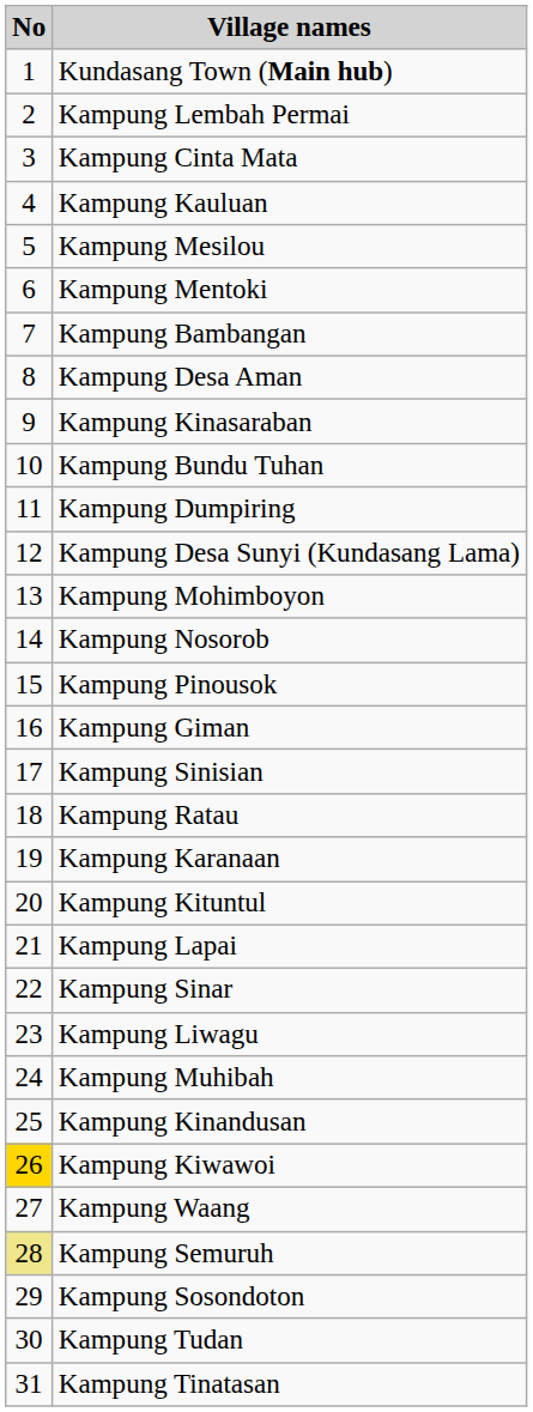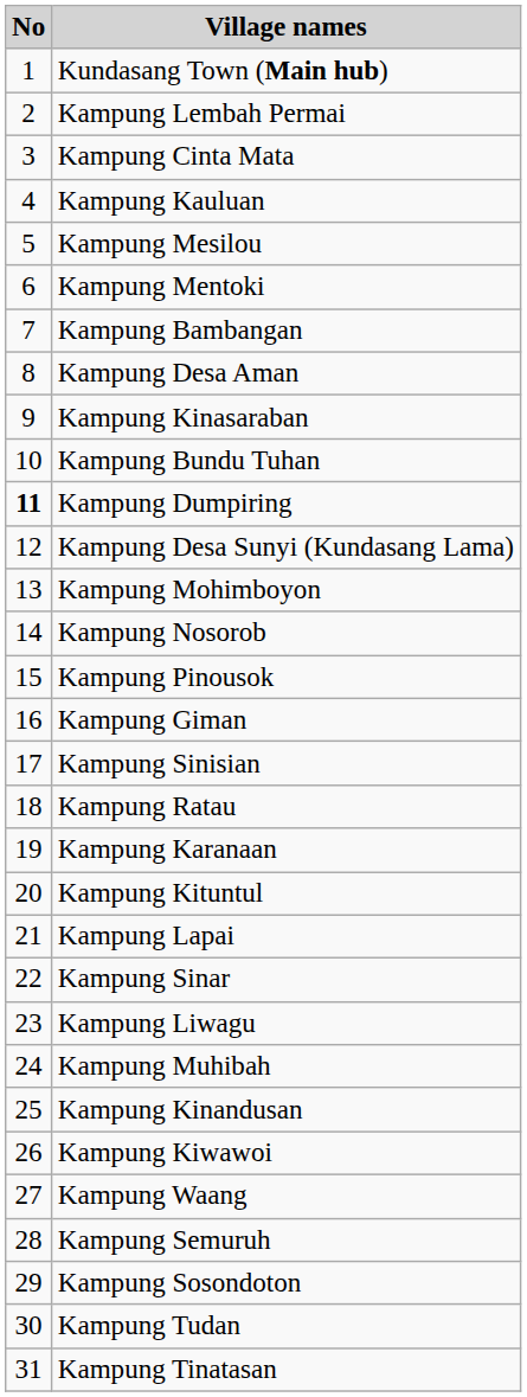 <table class="wikitable" style="text-align:justify;">
 <tr>
 <th style="background-color:#D3D3D3;">No</th>
 <th style="background-color:#D3D3D3;">Village names</th>
 </tr>
 <tr>
 <td style="text-align: center;">1</td>
 <td>Kundasang Town (<strong>Main hub</strong>)</td>
 </tr>
 <tr>
 <td style="text-align: center;">2</td>
 <td>Kampung Lembah Permai</td>
 </tr>
 <tr>
 <td style="text-align: center;">3</td>
 <td>Kampung Cinta Mata</td>
 </tr>
 <tr>
 <td style="text-align: center;">4</td>
 <td>Kampung Kauluan</td>
 </tr>
 <tr>
 <td style="text-align: center;">5</td>
 <td>Kampung Mesilou</td>
 </tr>
 <tr>
 <td style="text-align: center;">6</td>
 <td>Kampung Mentoki</td>
 </tr>
 <tr>
 <td style="text-align: center;">7</td>
 <td>Kampung Bambangan</td>
 </tr>
 <tr>
 <td style="text-align: center;">8</td>
 <td>Kampung Desa Aman</td>
 </tr>
 <tr>
 <td style="text-align: center;">9</td>
 <td>Kampung Kinasaraban</td>
 </tr>
 <tr>
 <td style="text-align: center;">10</td>
 <td>Kampung Bundu Tuhan</td>
 </tr>
 <tr>
-<td style="text-align: center;">11</td>
+<td style="text-align: center;"><strong>11</strong></td>
 <td>Kampung Dumpiring</td>
 </tr>
 <tr>
 <td style="text-align: center;">12</td>
 <td>Kampung Desa Sunyi (Kundasang Lama)</td>
 </tr>
 <tr>
 <td style="text-align: center;">13</td>
 <td>Kampung Mohimboyon</td>
 </tr>
 <tr>
 <td style="text-align: center;">14</td>
 <td>Kampung Nosorob</td>
 </tr>
 <tr>
 <td style="text-align: center;">15</td>
 <td>Kampung Pinousok</td>
 </tr>
 <tr>
 <td style="text-align: center;">16</td>
 <td>Kampung Giman</td>
 </tr>
 <tr>
 <td style="text-align: center;">17</td>
 <td>Kampung Sinisian</td>
 </tr>
 <tr>
 <td style="text-align: center;">18</td>
 <td>Kampung Ratau</td>
 </tr>
 <tr>
 <td style="text-align: center;">19</td>
 <td>Kampung Karanaan</td>
 </tr>
 <tr>
 <td style="text-align: center;">20</td>
 <td>Kampung Kituntul</td>
 </tr>
 <tr>
 <td style="text-align: center;">21</td>
 <td>Kampung Lapai</td>
 </tr>
 <tr>
 <td style="text-align: center;">22</td>
 <td>Kampung Sinar</td>
 </tr>
 <tr>
 <td style="text-align: center;">23</td>
 <td>Kampung Liwagu</td>
 </tr>
 <tr>
 <td style="text-align: center;">24</td>
 <td>Kampung Muhibah</td>
 </tr>
 <tr>
 <td style="text-align: center;">25</td>
 <td>Kampung Kinandusan</td>
 </tr>
 <tr>
-<td style="background: gold; text-align: center;">26</td>
+<td style="text-align: center;">26</td>
 <td>Kampung Kiwawoi</td>
 </tr>
 <tr>
 <td style="text-align: center;">27</td>
 <td>Kampung Waang</td>
 </tr>
 <tr>
-<td style="background: khaki; text-align: center;">28</td>
+<td style="text-align: center;">28</td>
 <td>Kampung Semuruh</td>
 </tr>
 <tr>
 <td style="text-align: center;">29</td>
 <td>Kampung Sosondoton</td>
 </tr>
 <tr>
 <td style="text-align: center;">30</td>
 <td>Kampung Tudan</td>
 </tr>
 <tr>
 <td style="text-align: center;">31</td>
 <td>Kampung Tinatasan</td>
 </tr>
 </table>
